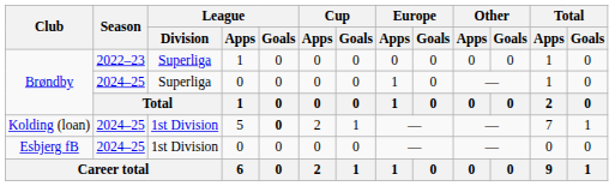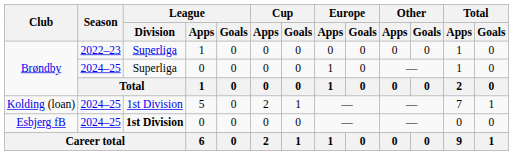 <table class="wikitable" style="text-align:center">
 <tr>
 <th rowspan="2">Club</th>
 <th rowspan="2">Season</th>
 <th colspan="3">League</th>
 <th colspan="2">Cup</th>
 <th colspan="2">Europe</th>
 <th colspan="2">Other</th>
 <th colspan="2">Total</th>
 </tr>
 <tr>
 <th>Division</th>
 <th>Apps</th>
 <th>Goals</th>
 <th>Apps</th>
 <th>Goals</th>
 <th>Apps</th>
 <th>Goals</th>
 <th>Apps</th>
 <th>Goals</th>
 <th>Apps</th>
 <th>Goals</th>
 </tr>
 <tr>
 <td rowspan="3"><a href='#'>Brøndby</a></td>
 <td><a href='#'>2022–23</a></td>
 <td><a href='#'>Superliga</a></td>
 <td>1</td>
 <td>0</td>
 <td>0</td>
 <td>0</td>
 <td>0</td>
 <td>0</td>
 <td>0</td>
 <td>0</td>
 <td>1</td>
 <td>0</td>
 </tr>
 <tr>
 <td><a href='#'>2024–25</a></td>
 <td>Superliga</td>
 <td>0</td>
 <td>0</td>
 <td>0</td>
 <td>0</td>
 <td>1</td>
 <td>0</td>
 <td colspan="2">—</td>
 <td>1</td>
 <td>0</td>
 </tr>
 <tr>
 <th colspan="2">Total</th>
 <th>1</th>
 <th>0</th>
 <th>0</th>
 <th>0</th>
 <th>1</th>
 <th>0</th>
 <th>0</th>
 <th>0</th>
 <th>2</th>
 <th>0</th>
 </tr>
 <tr>
 <td><a href='#'>Kolding</a> (loan)</td>
 <td><a href='#'>2024–25</a></td>
 <td><a href='#'>1st Division</a></td>
 <td>5</td>
-<td><strong>0</strong></td>
+<td>0</td>
 <td>2</td>
 <td>1</td>
 <td colspan="2">—</td>
 <td colspan="2">—</td>
 <td>7</td>
 <td>1</td>
 </tr>
 <tr>
 <td><a href='#'>Esbjerg fB</a></td>
 <td><a href='#'>2024–25</a></td>
-<td>1st Division</td>
+<td><strong>1st Division</strong></td>
 <td>0</td>
 <td>0</td>
 <td>0</td>
 <td>0</td>
 <td colspan="2">—</td>
 <td colspan="2">—</td>
 <td>0</td>
 <td>0</td>
 </tr>
 <tr>
 <th colspan="3">Career total</th>
 <th>6</th>
 <th>0</th>
 <th>2</th>
 <th>1</th>
 <th>1</th>
 <th>0</th>
 <th>0</th>
 <th>0</th>
 <th>9</th>
 <th>1</th>
 </tr>
 </table>
